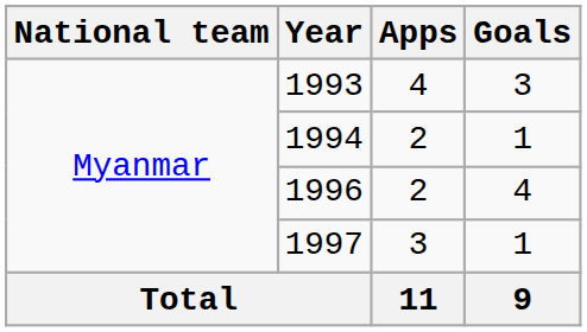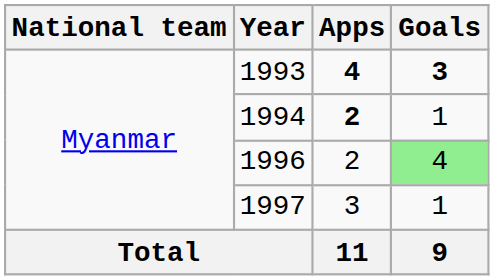 <table class="wikitable" style="text-align:center">
 <tr>
 <th>National team</th>
 <th>Year</th>
 <th>Apps</th>
 <th>Goals</th>
 </tr>
 <tr>
 <td rowspan="4"><a href='#'>Myanmar</a></td>
 <td>1993</td>
-<td>4</td>
-<td>3</td>
+<td><strong>4</strong></td>
+<td><strong>3</strong></td>
 </tr>
 <tr>
 <td>1994</td>
-<td>2</td>
+<td><strong>2</strong></td>
 <td>1</td>
 </tr>
 <tr>
 <td>1996</td>
 <td>2</td>
-<td>4</td>
+<td style="background: lightgreen;">4</td>
 </tr>
 <tr>
 <td>1997</td>
 <td>3</td>
 <td>1</td>
 </tr>
 <tr>
 <th colspan="2">Total</th>
 <th>11</th>
 <th>9</th>
 </tr>
 </table>
